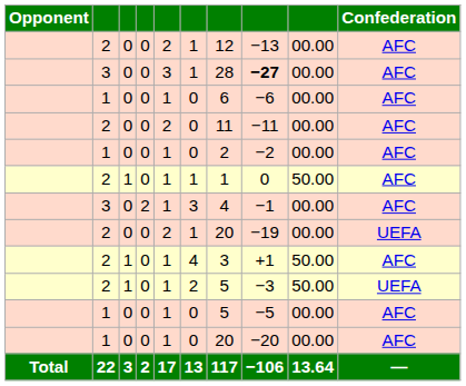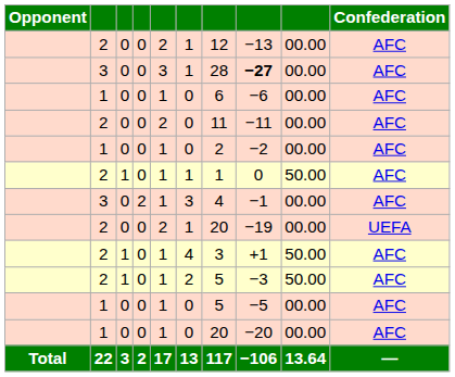 <table class="wikitable sortable" style="text-align:center">
 <tr>
 <th style="background:green; color:#FFF; ">Opponent</th>
 <th style="background:green; color:#FFF; "></th>
 <th style="background:green; color:#FFF; "></th>
 <th style="background:green; color:#FFF; "></th>
 <th style="background:green; color:#FFF; "></th>
 <th style="background:green; color:#FFF; "></th>
 <th style="background:green; color:#FFF; "></th>
 <th style="background:green; color:#FFF; "></th>
 <th style="background:green; color:#FFF; "></th>
 <th style="background:green; color:#FFF; ">Confederation</th>
 </tr>
 <tr bgcolor=FFDACC>
 <td style="text-align:left"></td>
 <td>2</td>
 <td>0</td>
 <td>0</td>
 <td>2</td>
 <td>1</td>
 <td>12</td>
 <td>−13</td>
 <td>00.00</td>
 <td><a href='#'>AFC</a></td>
 </tr>
 <tr bgcolor=FFDACC>
 <td style="text-align:left"></td>
 <td>3</td>
 <td>0</td>
 <td>0</td>
 <td>3</td>
 <td>1</td>
 <td>28</td>
 <td><strong>−27</strong></td>
 <td>00.00</td>
 <td><a href='#'>AFC</a></td>
 </tr>
 <tr bgcolor=FFDACC>
 <td style="text-align:left"></td>
 <td>1</td>
 <td>0</td>
 <td>0</td>
 <td>1</td>
 <td>0</td>
 <td>6</td>
 <td>−6</td>
 <td>00.00</td>
 <td><a href='#'>AFC</a></td>
 </tr>
 <tr bgcolor=FFDACC>
 <td style="text-align:left"></td>
 <td>2</td>
 <td>0</td>
 <td>0</td>
 <td>2</td>
 <td>0</td>
 <td>11</td>
 <td>−11</td>
 <td>00.00</td>
 <td><a href='#'>AFC</a></td>
 </tr>
 <tr bgcolor=FFDACC>
 <td style="text-align:left"></td>
 <td>1</td>
 <td>0</td>
 <td>0</td>
 <td>1</td>
 <td>0</td>
 <td>2</td>
 <td>−2</td>
 <td>00.00</td>
 <td><a href='#'>AFC</a></td>
 </tr>
 <tr bgcolor=FFFFCC>
 <td style="text-align:left"></td>
 <td>2</td>
 <td>1</td>
 <td>0</td>
 <td>1</td>
 <td>1</td>
 <td>1</td>
 <td>0</td>
 <td>50.00</td>
 <td><a href='#'>AFC</a></td>
 </tr>
 <tr bgcolor=FFDACC>
 <td style="text-align:left"></td>
 <td>3</td>
 <td>0</td>
 <td>2</td>
 <td>1</td>
 <td>3</td>
 <td>4</td>
 <td>−1</td>
 <td>00.00</td>
 <td><a href='#'>AFC</a></td>
 </tr>
 <tr bgcolor=FFDACC>
 <td style="text-align:left"></td>
 <td>2</td>
 <td>0</td>
 <td>0</td>
 <td>2</td>
 <td>1</td>
 <td>20</td>
 <td>−19</td>
 <td>00.00</td>
 <td><a href='#'>UEFA</a></td>
 </tr>
 <tr bgcolor=FFFFCC>
 <td style="text-align:left"></td>
 <td>2</td>
 <td>1</td>
 <td>0</td>
 <td>1</td>
 <td>4</td>
 <td>3</td>
 <td>+1</td>
 <td>50.00</td>
 <td><a href='#'>AFC</a></td>
 </tr>
 <tr bgcolor=FFFFCC>
 <td style="text-align:left"></td>
 <td>2</td>
 <td>1</td>
 <td>0</td>
 <td>1</td>
 <td>2</td>
 <td>5</td>
 <td>−3</td>
 <td>50.00</td>
-<td><a href='#'>UEFA</a></td>
+<td><a href='#'>AFC</a></td>
 </tr>
 <tr bgcolor=FFDACC>
 <td style="text-align:left"></td>
 <td>1</td>
 <td>0</td>
 <td>0</td>
 <td>1</td>
 <td>0</td>
 <td>5</td>
 <td>−5</td>
 <td>00.00</td>
 <td><a href='#'>AFC</a></td>
 </tr>
 <tr bgcolor=FFDACC>
 <td style="text-align:left"></td>
 <td>1</td>
 <td>0</td>
 <td>0</td>
 <td>1</td>
 <td>0</td>
 <td>20</td>
 <td>−20</td>
 <td>00.00</td>
 <td><a href='#'>AFC</a></td>
 </tr>
 <tr>
 <th style="background:green; color:#FFF; ">Total</th>
 <th style="background:green; color:#FFF; ">22</th>
 <th style="background:green; color:#FFF; ">3</th>
 <th style="background:green; color:#FFF; ">2</th>
 <th style="background:green; color:#FFF; ">17</th>
 <th style="background:green; color:#FFF; ">13</th>
 <th style="background:green; color:#FFF; ">117</th>
 <th style="background:green; color:#FFF; ">−106</th>
 <th style="background:green; color:#FFF; ">13.64</th>
 <th style="background:green; color:#FFF; ">—</th>
 </tr>
 </table>
